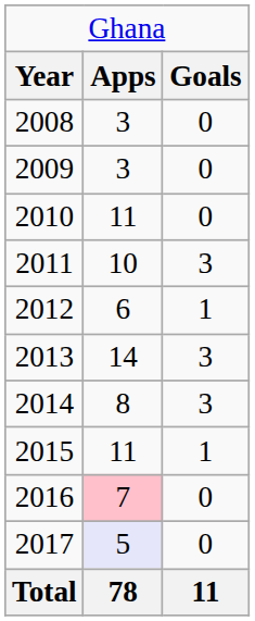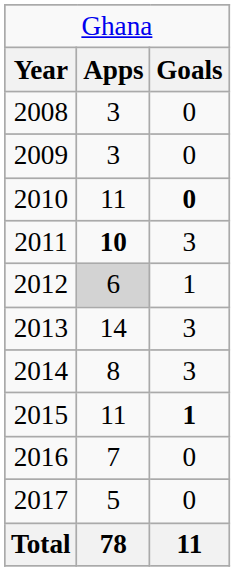 <table class="wikitable" style="text-align:center">
 <tr>
 <td colspan="3"><a href='#'>Ghana</a></td>
 </tr>
 <tr>
 <th>Year</th>
 <th>Apps</th>
 <th>Goals</th>
 </tr>
 <tr>
 <td>2008</td>
 <td>3</td>
 <td>0</td>
 </tr>
 <tr>
 <td>2009</td>
 <td>3</td>
 <td>0</td>
 </tr>
 <tr>
 <td>2010</td>
 <td>11</td>
-<td>0</td>
+<td><strong>0</strong></td>
 </tr>
 <tr>
 <td>2011</td>
-<td>10</td>
+<td><strong>10</strong></td>
 <td>3</td>
 </tr>
 <tr>
 <td>2012</td>
-<td>6</td>
+<td style="background: lightgrey;">6</td>
 <td>1</td>
 </tr>
 <tr>
 <td>2013</td>
 <td>14</td>
 <td>3</td>
 </tr>
 <tr>
 <td>2014</td>
 <td>8</td>
 <td>3</td>
 </tr>
 <tr>
 <td>2015</td>
 <td>11</td>
-<td>1</td>
+<td><strong>1</strong></td>
 </tr>
 <tr>
 <td>2016</td>
-<td style="background: pink;">7</td>
+<td>7</td>
 <td>0</td>
 </tr>
 <tr>
 <td>2017</td>
-<td style="background: lavender;">5</td>
+<td>5</td>
 <td>0</td>
 </tr>
 <tr>
 <th>Total</th>
 <th>78</th>
 <th>11</th>
 </tr>
 </table>
